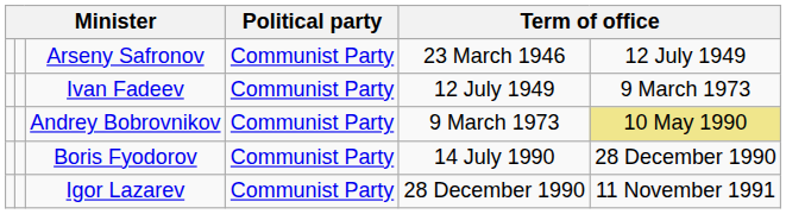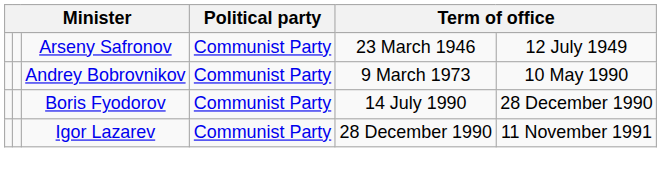 <table class="wikitable" style="text-align:center;">
 <tr>
 <th colspan=3>Minister</th>
 <th>Political party</th>
 <th colspan=2>Term of office</th>
 </tr>
 <tr>
 <td style="background: "></td>
 <td></td>
 <td><a href='#'>Arseny Safronov</a></td>
 <td><a href='#'>Communist Party</a></td>
 <td>23 March 1946</td>
 <td>12 July 1949</td>
 </tr>
 <tr>
 <td style="background: "></td>
 <td></td>
-<td><a href='#'>Ivan Fadeev</a></td>
-<td><a href='#'>Communist Party</a></td>
-<td>12 July 1949</td>
-<td>9 March 1973</td>
-</tr>
-<tr>
-<td style="background: "></td>
-<td></td>
 <td><a href='#'>Andrey Bobrovnikov</a></td>
 <td><a href='#'>Communist Party</a></td>
 <td>9 March 1973</td>
-<td style="background: khaki;">10 May 1990</td>
+<td>10 May 1990</td>
 </tr>
 <tr>
 <td style="background: "></td>
 <td></td>
 <td><a href='#'>Boris Fyodorov</a></td>
 <td><a href='#'>Communist Party</a></td>
 <td>14 July 1990</td>
 <td>28 December 1990</td>
 </tr>
 <tr>
 <td style="background: "></td>
 <td></td>
 <td><a href='#'>Igor Lazarev</a></td>
 <td><a href='#'>Communist Party</a></td>
 <td>28 December 1990</td>
 <td>11 November 1991</td>
 </tr>
 </table>
